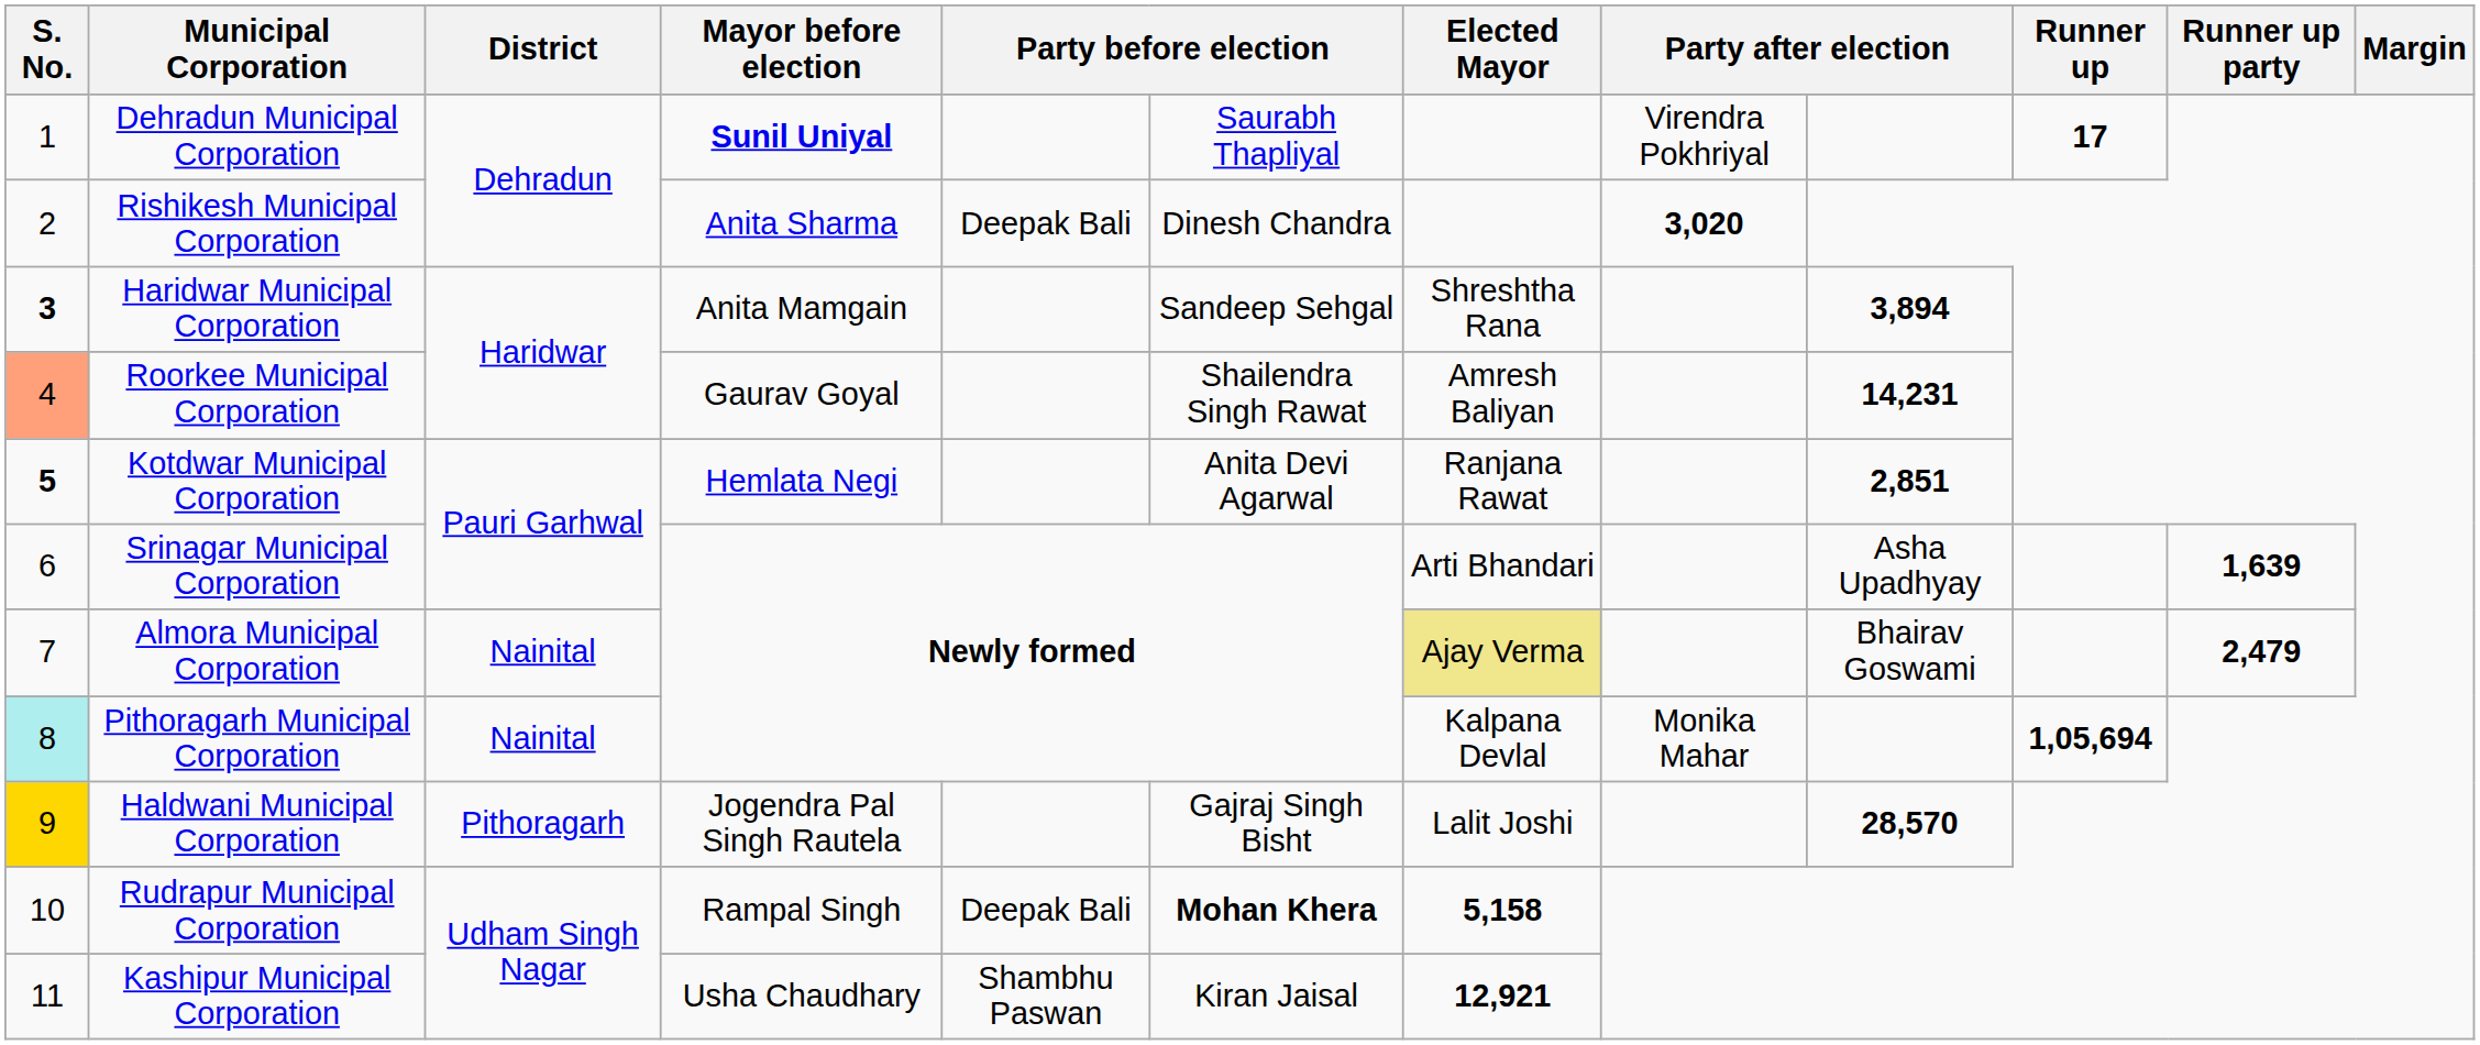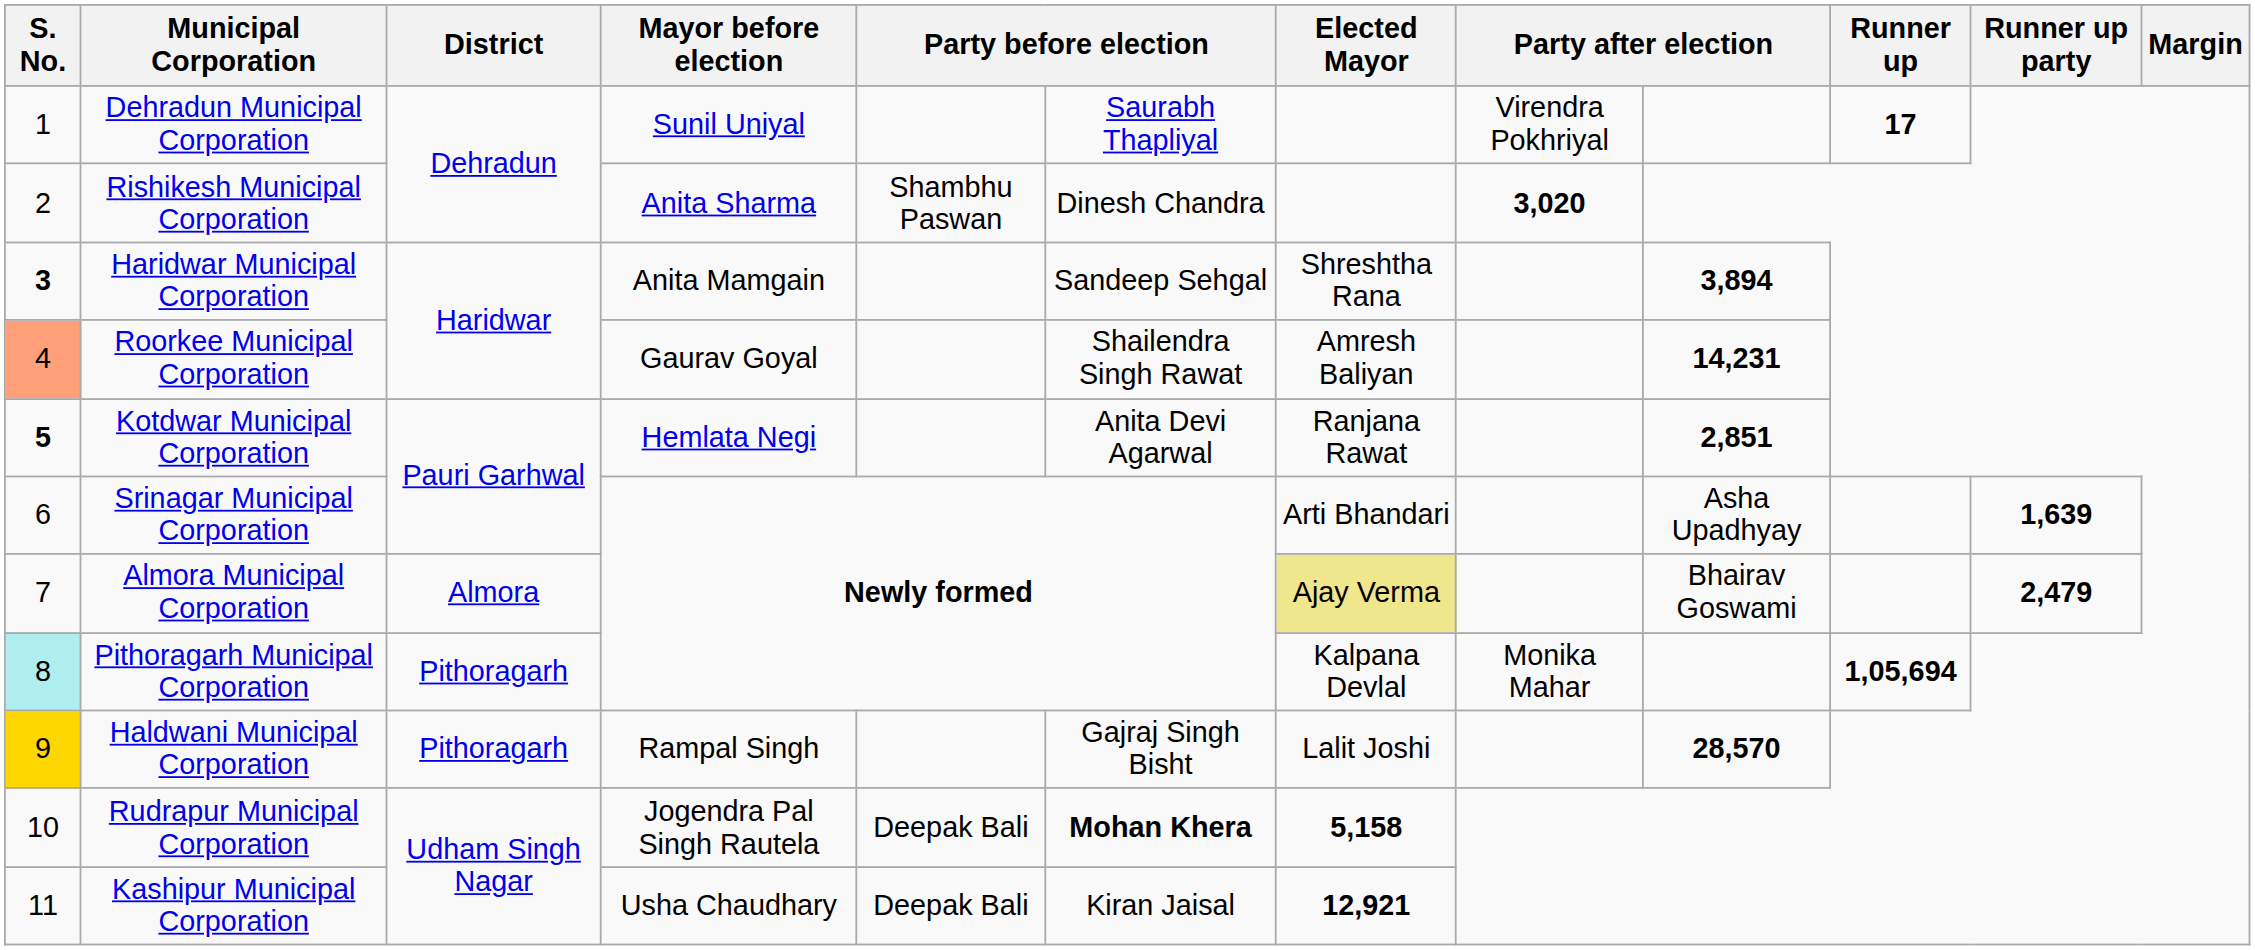 <table class="wikitable sortable">
 <tr style="text-align:center; height:45px;">
 <th scope="col">S. No.</th>
 <th>Municipal Corporation</th>
 <th>District</th>
 <th>Mayor before election</th>
 <th colspan=2>Party before election</th>
 <th>Elected Mayor</th>
 <th colspan=2>Party after election</th>
 <th>Runner up</th>
 <th colspan=2>Runner up party</th>
 <th>Margin</th>
 </tr>
 <tr style="text-align:center; height:30px;">
 <td>1</td>
 <td><a href='#'>Dehradun Municipal Corporation</a></td>
 <td rowspan="2"><a href='#'>Dehradun</a></td>
-<td><strong><a href='#'>Sunil Uniyal</a></strong></td>
+<td><a href='#'>Sunil Uniyal</a></td>
 <td></td>
 <td><a href='#'>Saurabh Thapliyal</a></td>
 <td></td>
 <td>Virendra Pokhriyal</td>
 <td></td>
 <td style="background:"><strong>17</strong></td>
 </tr>
 <tr style="text-align:center; height:30px;">
 <td>2</td>
 <td><a href='#'>Rishikesh Municipal Corporation</a></td>
 <td><a href='#'>Anita Sharma</a></td>
-<td>Deepak Bali</td>
+<td>Shambhu Paswan</td>
 <td>Dinesh Chandra</td>
 <td></td>
 <td style="background:"><strong>3,020</strong></td>
 </tr>
 <tr style="text-align:center; height:30px;">
 <td><strong>3</strong></td>
 <td><a href='#'>Haridwar Municipal Corporation</a></td>
 <td rowspan="2"><a href='#'>Haridwar</a></td>
 <td>Anita Mamgain</td>
 <td></td>
 <td>Sandeep Sehgal</td>
 <td>Shreshtha Rana</td>
 <td></td>
 <td style="background:"><strong>3,894</strong></td>
 </tr>
 <tr style="text-align:center; height:30px;">
 <td style="background: lightsalmon;">4</td>
 <td><a href='#'>Roorkee Municipal Corporation</a></td>
 <td>Gaurav Goyal</td>
 <td></td>
 <td>Shailendra Singh Rawat</td>
 <td>Amresh Baliyan</td>
 <td></td>
 <td style="background:"><strong>14,231</strong></td>
 </tr>
 <tr style="text-align:center; height:30px;">
 <td><strong>5</strong></td>
 <td><a href='#'>Kotdwar Municipal Corporation</a></td>
 <td rowspan="2"><a href='#'>Pauri Garhwal</a></td>
 <td><a href='#'>Hemlata Negi</a></td>
 <td></td>
 <td>Anita Devi Agarwal</td>
 <td>Ranjana Rawat</td>
 <td></td>
 <td style="background:"><strong>2,851</strong></td>
 </tr>
 <tr style="text-align:center; height:30px;">
 <td>6</td>
 <td><a href='#'>Srinagar Municipal Corporation</a></td>
 <td colspan="3" rowspan="3"><strong>Newly formed</strong></td>
 <td>Arti Bhandari</td>
 <td></td>
 <td>Asha Upadhyay</td>
 <td></td>
 <td style="background:"><strong>1,639</strong></td>
 </tr>
 <tr style="text-align:center; height:30px;">
 <td>7</td>
 <td><a href='#'>Almora Municipal Corporation</a></td>
-<td><a href='#'>Nainital</a></td>
+<td><a href='#'>Almora</a></td>
 <td style="background: khaki;">Ajay Verma</td>
 <td></td>
 <td>Bhairav Goswami</td>
 <td></td>
 <td style="background:"><strong>2,479</strong></td>
 </tr>
 <tr style="text-align:center; height:30px;">
 <td style="background: paleturquoise;">8</td>
 <td><a href='#'>Pithoragarh Municipal Corporation</a></td>
-<td><a href='#'>Nainital</a></td>
+<td><a href='#'>Pithoragarh</a></td>
 <td>Kalpana Devlal</td>
 <td>Monika Mahar</td>
 <td></td>
 <td style="background:"><strong>1,05,694</strong></td>
 </tr>
 <tr style="text-align:center; height:30px;">
 <td style="background: gold;">9</td>
 <td><a href='#'>Haldwani Municipal Corporation</a></td>
 <td><a href='#'>Pithoragarh</a></td>
-<td>Jogendra Pal Singh Rautela</td>
+<td>Rampal Singh</td>
 <td></td>
 <td>Gajraj Singh Bisht</td>
 <td>Lalit Joshi</td>
 <td></td>
 <td style="background:"><strong>28,570</strong></td>
 </tr>
 <tr style="text-align:center; height:30px;">
 <td>10</td>
 <td><a href='#'>Rudrapur Municipal Corporation</a></td>
 <td rowspan="2"><a href='#'>Udham Singh Nagar</a></td>
-<td>Rampal Singh</td>
+<td>Jogendra Pal Singh Rautela</td>
 <td>Deepak Bali</td>
 <td><strong>Mohan Khera</strong></td>
 <td style="background:"><strong>5,158</strong></td>
 </tr>
 <tr style="text-align:center; height:30px;">
 <td>11</td>
 <td><a href='#'>Kashipur Municipal Corporation</a></td>
 <td>Usha Chaudhary</td>
-<td>Shambhu Paswan</td>
+<td>Deepak Bali</td>
 <td>Kiran Jaisal</td>
 <td style="background:"><strong>12,921</strong></td>
 </tr>
 </table>
